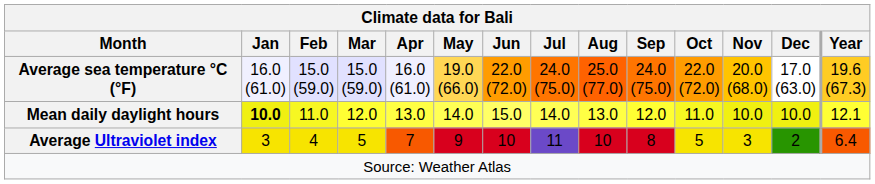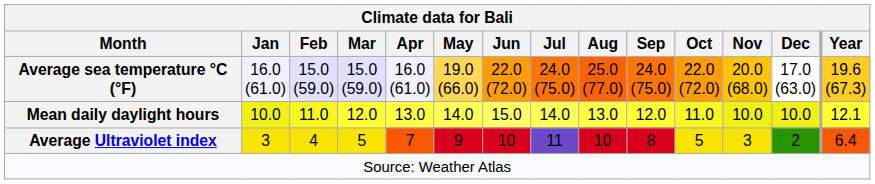 <table style="width:100%;text-align:center;line-height:1.2em;margin-left:auto;margin-right:auto" class="wikitable mw-collapsible">
 <tr>
 <th Colspan=14>Climate data for Bali</th>
 </tr>
 <tr>
 <th>Month</th>
 <th>Jan</th>
 <th>Feb</th>
 <th>Mar</th>
 <th>Apr</th>
 <th>May</th>
 <th>Jun</th>
 <th>Jul</th>
 <th>Aug</th>
 <th>Sep</th>
 <th>Oct</th>
 <th>Nov</th>
 <th>Dec</th>
 <th style="border-left-width:medium">Year</th>
 </tr>
 <tr>
 <th>Average sea temperature °C (°F)</th>
 <td style="background:#F0F0FF;color:#000000;">16.0<br>(61.0)</td>
 <td style="background:#E1E1FF;color:#000000;">15.0<br>(59.0)</td>
 <td style="background:#E1E1FF;color:#000000;">15.0<br>(59.0)</td>
 <td style="background:#F0F0FF;color:#000000;">16.0<br>(61.0)</td>
 <td style="background:#FFD755;color:#000000;">19.0<br>(66.0)</td>
 <td style="background:#FF9C00;color:#000000;">22.0<br>(72.0)</td>
 <td style="background:#FF7500;color:#000000;">24.0<br>(75.0)</td>
 <td style="background:#FF6200;color:#000000;">25.0<br>(77.0)</td>
 <td style="background:#FF7500;color:#000000;">24.0<br>(75.0)</td>
 <td style="background:#FF9C00;color:#000000;">22.0<br>(72.0)</td>
 <td style="background:#FFC400;color:#000000;">20.0<br>(68.0)</td>
 <td style="background:#FFFFFF;color:#000000;">17.0<br>(63.0)</td>
 <td style="background:#FFCC23;color:#000000;border-left-width:medium">19.6<br>(67.3)</td>
 </tr>
 <tr>
 <th>Mean daily daylight hours</th>
-<td style="background:#F0F011;color:#000000;"><strong>10.0</strong></td>
+<td style="background:#F0F011;color:#000000;">10.0</td>
 <td style="background:#F7F722;color:#000000;">11.0</td>
 <td style="background:#FFFF33;color:#000000;">12.0</td>
 <td style="background:#FFFF44;color:#000000;">13.0</td>
 <td style="background:#FFFF55;color:#000000;">14.0</td>
 <td style="background:#FFFF66;color:#000000;">15.0</td>
 <td style="background:#FFFF55;color:#000000;">14.0</td>
 <td style="background:#FFFF44;color:#000000;">13.0</td>
 <td style="background:#FFFF33;color:#000000;">12.0</td>
 <td style="background:#F7F722;color:#000000;">11.0</td>
 <td style="background:#F0F011;color:#000000;">10.0</td>
 <td style="background:#F0F011;color:#000000;">10.0</td>
 <td style="background:#FFFF34;color:#000000;border-left-width:medium">12.1</td>
 </tr>
 <tr>
 <th>Average <a href='#'>Ultraviolet index</a></th>
 <td style="background:#f7e400;color:#000000;">3</td>
 <td style="background:#f7e400;color:#000000;">4</td>
 <td style="background:#f7e400;color:#000000;">5</td>
 <td style="background:#f85900;color:#000000;">7</td>
 <td style="background:#d8001d;color:#000000;">9</td>
 <td style="background:#d8001d;color:#000000;">10</td>
 <td style="background:#6b49c8;color:#000000;">11</td>
 <td style="background:#d8001d;color:#000000;">10</td>
 <td style="background:#d8001d;color:#000000;">8</td>
 <td style="background:#f7e400;color:#000000;">5</td>
 <td style="background:#f7e400;color:#000000;">3</td>
 <td style="background:#289500;color:#000000;">2</td>
 <td style="background:#f85900;color:#000000;border-left-width:medium">6.4</td>
 </tr>
 <tr>
 <th Colspan=14 style="background:#f8f9fa;font-weight:normal;font-size:95%;">Source: Weather Atlas </th>
 </tr>
 </table>
